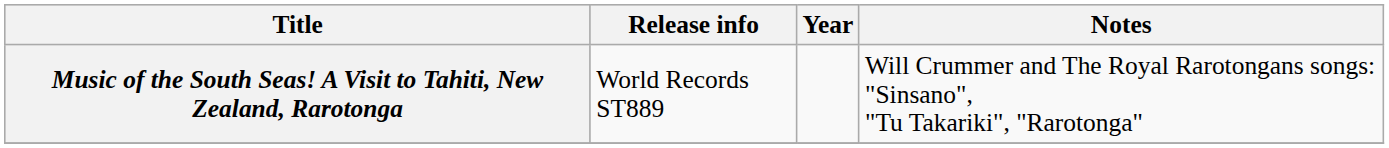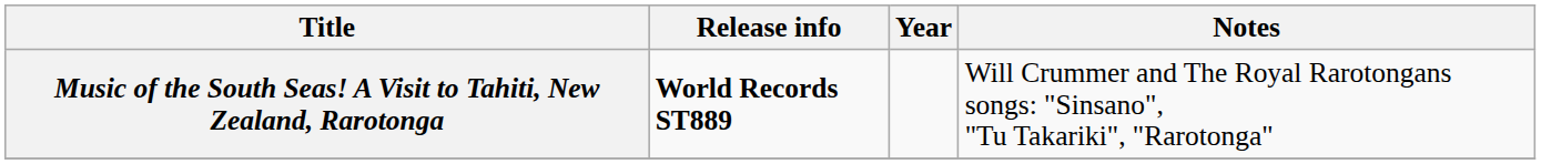 <table class="wikitable plainrowheaders sortable">
 <tr>
 <th scope="col">Title</th>
 <th scope="col">Release info</th>
 <th scope="col">Year</th>
 <th scope="col" class="unsortable">Notes</th>
 </tr>
 <tr>
 <th scope="row"><em>Music of the South Seas! A Visit to Tahiti, New Zealand, Rarotonga</em></th>
-<td>World Records ST889</td>
+<td><strong>World Records ST889</strong></td>
 <td></td>
 <td>Will Crummer and The Royal Rarotongans songs: "Sinsano",<br>"Tu Takariki", "Rarotonga"</td>
 </tr>
 <tr>
 </tr>
 </table>
